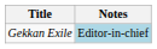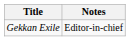 <table class="wikitable">
 <tr>
 <th>Title</th>
 <th>Notes</th>
 </tr>
 <tr>
 <td><em>Gekkan Exile</em></td>
-<td style="background: lightblue;">Editor-in-chief</td>
+<td>Editor-in-chief</td>
 </tr>
 </table>
